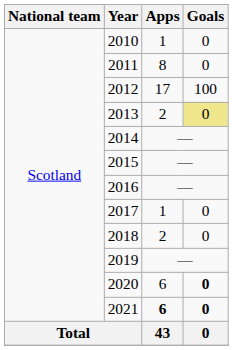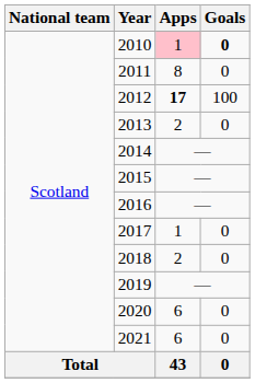 <table class=wikitable style="text-align:center">
 <tr>
 <th>National team</th>
 <th>Year</th>
 <th>Apps</th>
 <th>Goals</th>
 </tr>
 <tr>
 <td rowspan="12"><a href='#'>Scotland</a></td>
 <td>2010</td>
-<td>1</td>
-<td>0</td>
+<td style="background: pink;">1</td>
+<td><strong>0</strong></td>
 </tr>
 <tr>
 <td>2011</td>
 <td>8</td>
 <td>0</td>
 </tr>
 <tr>
 <td>2012</td>
-<td>17</td>
+<td><strong>17</strong></td>
 <td>100</td>
 </tr>
 <tr>
 <td>2013</td>
 <td>2</td>
-<td style="background: khaki;">0</td>
+<td>0</td>
 </tr>
 <tr>
 <td>2014</td>
 <td colspan=2>—</td>
 </tr>
 <tr>
 <td>2015</td>
 <td colspan=2>—</td>
 </tr>
 <tr>
 <td>2016</td>
 <td colspan=2>—</td>
 </tr>
 <tr>
 <td>2017</td>
 <td>1</td>
 <td>0</td>
 </tr>
 <tr>
 <td>2018</td>
 <td>2</td>
 <td>0</td>
 </tr>
 <tr>
 <td>2019</td>
 <td colspan=2>—</td>
 </tr>
 <tr>
 <td>2020</td>
 <td>6</td>
-<td><strong>0</strong></td>
+<td>0</td>
 </tr>
 <tr>
 <td>2021</td>
-<td><strong>6</strong></td>
-<td><strong>0</strong></td>
+<td>6</td>
+<td>0</td>
 </tr>
 <tr>
 <th colspan=2>Total</th>
 <th>43</th>
 <th>0</th>
 </tr>
 <tr>
 </tr>
 </table>
